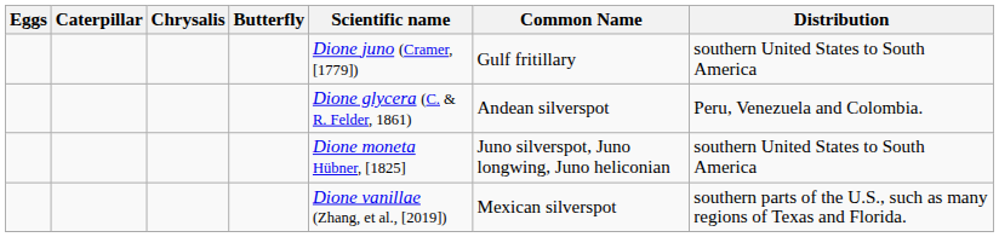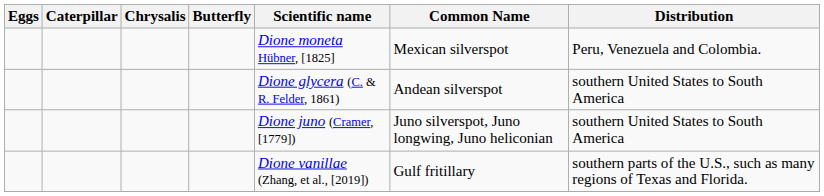 <table class="wikitable">
 <tr>
 <th>Eggs</th>
 <th>Caterpillar</th>
 <th>Chrysalis</th>
 <th>Butterfly</th>
 <th>Scientific name</th>
 <th>Common Name</th>
 <th>Distribution</th>
 </tr>
 <tr>
 <td></td>
 <td></td>
 <td></td>
 <td></td>
-<td><em><a href='#'>Dione juno</a></em> <small>(<a href='#'>Cramer</a>, [1779])</small></td>
-<td>Gulf fritillary</td>
-<td>southern United States to South America</td>
+<td><em><a href='#'>Dione moneta</a></em> <small><a href='#'>Hübner</a>, [1825]</small></td>
+<td>Mexican silverspot</td>
+<td>Peru, Venezuela and Colombia.</td>
 </tr>
 <tr>
 <td></td>
 <td></td>
 <td></td>
 <td></td>
 <td><em><a href='#'>Dione glycera</a></em> <small>(<a href='#'>C.</a> & <a href='#'>R. Felder</a>, 1861)</small></td>
 <td>Andean silverspot</td>
-<td>Peru, Venezuela and Colombia.</td>
+<td>southern United States to South America</td>
 </tr>
 <tr>
 <td></td>
 <td></td>
 <td></td>
 <td></td>
-<td><em><a href='#'>Dione moneta</a></em> <small><a href='#'>Hübner</a>, [1825]</small></td>
+<td><em><a href='#'>Dione juno</a></em> <small>(<a href='#'>Cramer</a>, [1779])</small></td>
 <td>Juno silverspot, Juno longwing, Juno heliconian</td>
 <td>southern United States to South America</td>
 </tr>
 <tr>
 <td></td>
 <td></td>
 <td></td>
 <td></td>
 <td><em><a href='#'>Dione vanillae</a></em> <small>(Zhang, et al., [2019])</small></td>
-<td>Mexican silverspot</td>
+<td>Gulf fritillary</td>
 <td>southern parts of the U.S., such as many regions of Texas and Florida.</td>
 </tr>
 <tr>
 </tr>
 </table>
